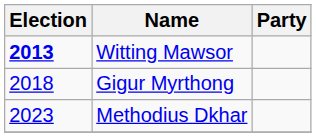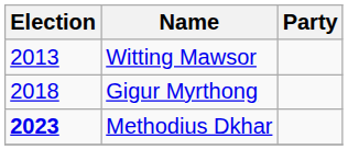 <table class="wikitable sortable">
 <tr>
 <th>Election</th>
 <th>Name</th>
 <th colspan=2>Party</th>
 </tr>
 <tr>
-<td><strong><a href='#'>2013</a></strong></td>
+<td><a href='#'>2013</a></td>
 <td><a href='#'>Witting Mawsor</a></td>
 <td></td>
 </tr>
 <tr>
 <td><a href='#'>2018</a></td>
 <td><a href='#'>Gigur Myrthong</a></td>
 <td></td>
 </tr>
 <tr>
-<td><a href='#'>2023</a></td>
+<td><strong><a href='#'>2023</a></strong></td>
 <td><a href='#'>Methodius Dkhar</a></td>
 <td></td>
 </tr>
 <tr>
 </tr>
 </table>
